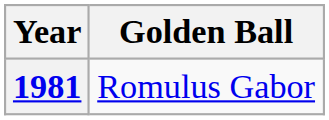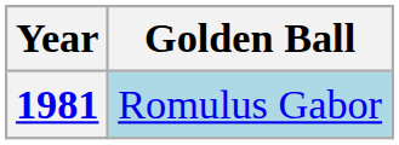 <table class="wikitable plainrowheaders" style="text-align: center;">
 <tr>
 <th scope=col>Year</th>
 <th scope=col>Golden Ball</th>
 </tr>
 <tr>
 <th scope=row><a href='#'>1981</a></th>
-<td><a href='#'>Romulus Gabor</a></td>
+<td style="background: lightblue;"><a href='#'>Romulus Gabor</a></td>
 </tr>
 </table>
